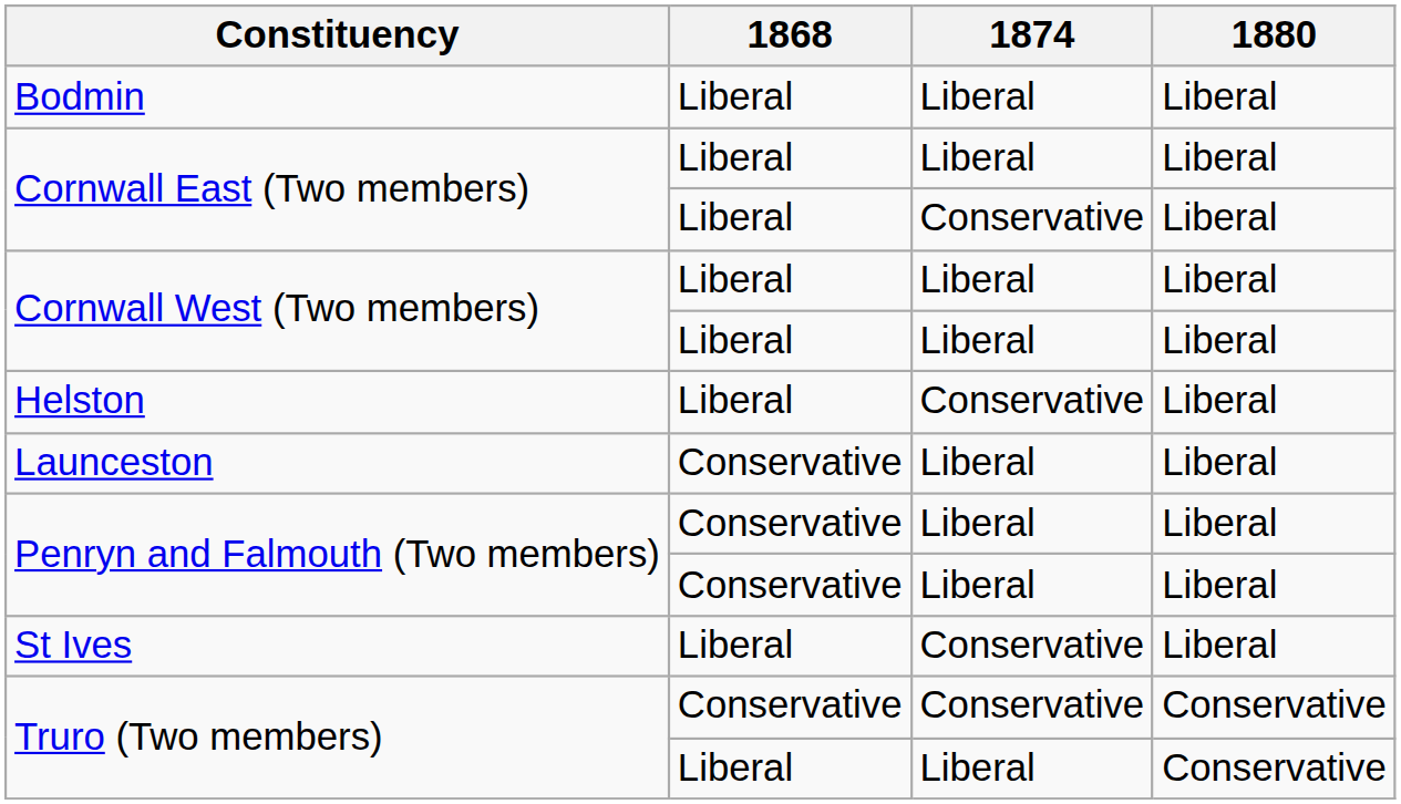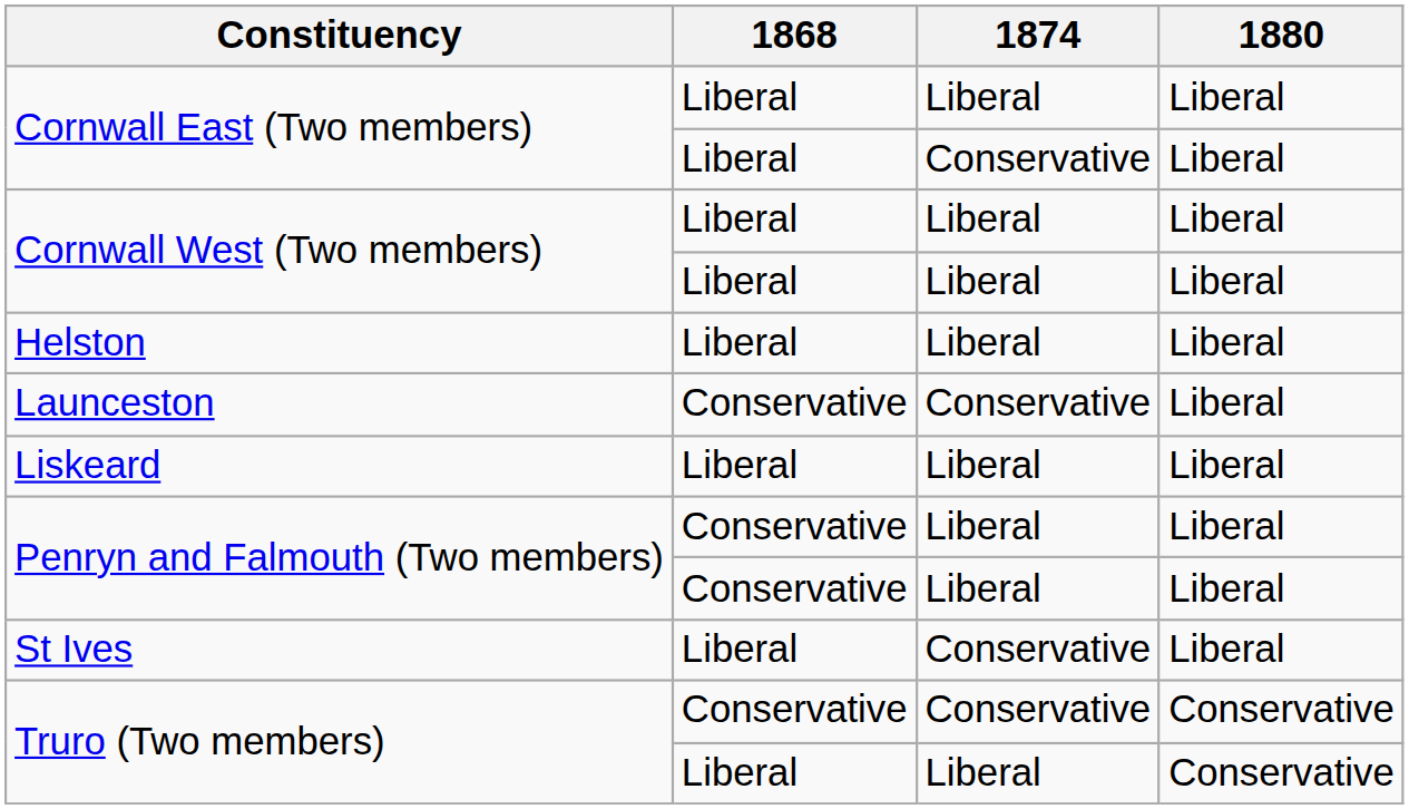 <table class="wikitable">
 <tr>
 <th>Constituency</th>
 <th>1868</th>
 <th>1874</th>
 <th>1880</th>
-</tr>
-<tr>
-<td><a href='#'>Bodmin</a></td>
-<td>Liberal</td>
-<td>Liberal</td>
-<td>Liberal</td>
 </tr>
 <tr>
 <td rowspan="2"><a href='#'>Cornwall East</a> (Two members)</td>
 <td>Liberal</td>
 <td>Liberal</td>
 <td>Liberal</td>
 </tr>
 <tr>
 <td>Liberal</td>
 <td>Conservative</td>
 <td>Liberal</td>
 </tr>
 <tr>
 <td rowspan="2"><a href='#'>Cornwall West</a> (Two members)</td>
 <td>Liberal</td>
 <td>Liberal</td>
 <td>Liberal</td>
 </tr>
 <tr>
 <td>Liberal</td>
 <td>Liberal</td>
 <td>Liberal</td>
 </tr>
 <tr>
 <td><a href='#'>Helston</a></td>
 <td>Liberal</td>
-<td>Conservative</td>
+<td>Liberal</td>
 <td>Liberal</td>
 </tr>
 <tr>
 <td><a href='#'>Launceston</a></td>
 <td>Conservative</td>
+<td>Conservative</td>
+<td>Liberal</td>
+</tr>
+<tr>
+<td><a href='#'>Liskeard</a></td>
+<td>Liberal</td>
 <td>Liberal</td>
 <td>Liberal</td>
 </tr>
 <tr>
 <td rowspan="2"><a href='#'>Penryn and Falmouth</a> (Two members)</td>
 <td>Conservative</td>
 <td>Liberal</td>
 <td>Liberal</td>
 </tr>
 <tr>
 <td>Conservative</td>
 <td>Liberal</td>
 <td>Liberal</td>
 </tr>
 <tr>
 <td><a href='#'>St Ives</a></td>
 <td>Liberal</td>
 <td>Conservative</td>
 <td>Liberal</td>
 </tr>
 <tr>
 <td rowspan="2"><a href='#'>Truro</a> (Two members)</td>
 <td>Conservative</td>
 <td>Conservative</td>
 <td>Conservative</td>
 </tr>
 <tr>
 <td>Liberal</td>
 <td>Liberal</td>
 <td>Conservative</td>
 </tr>
 </table>
